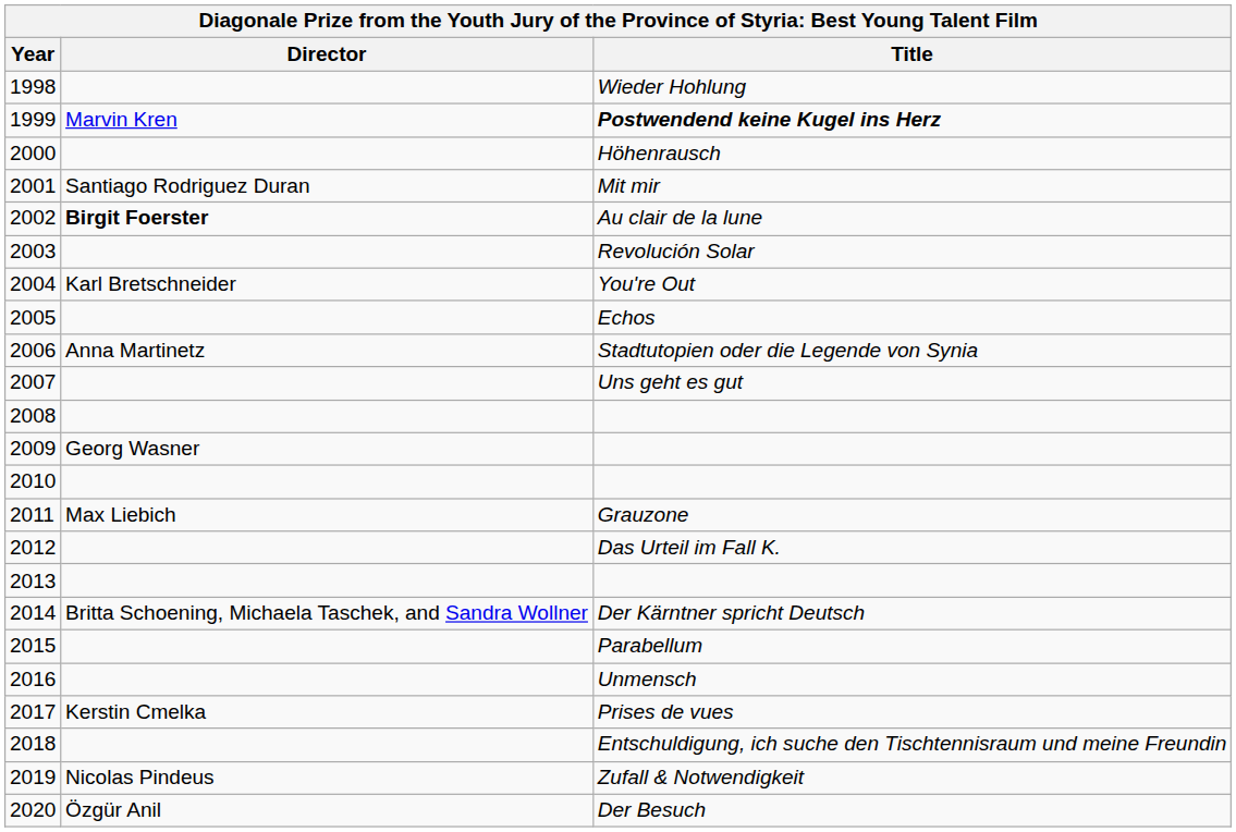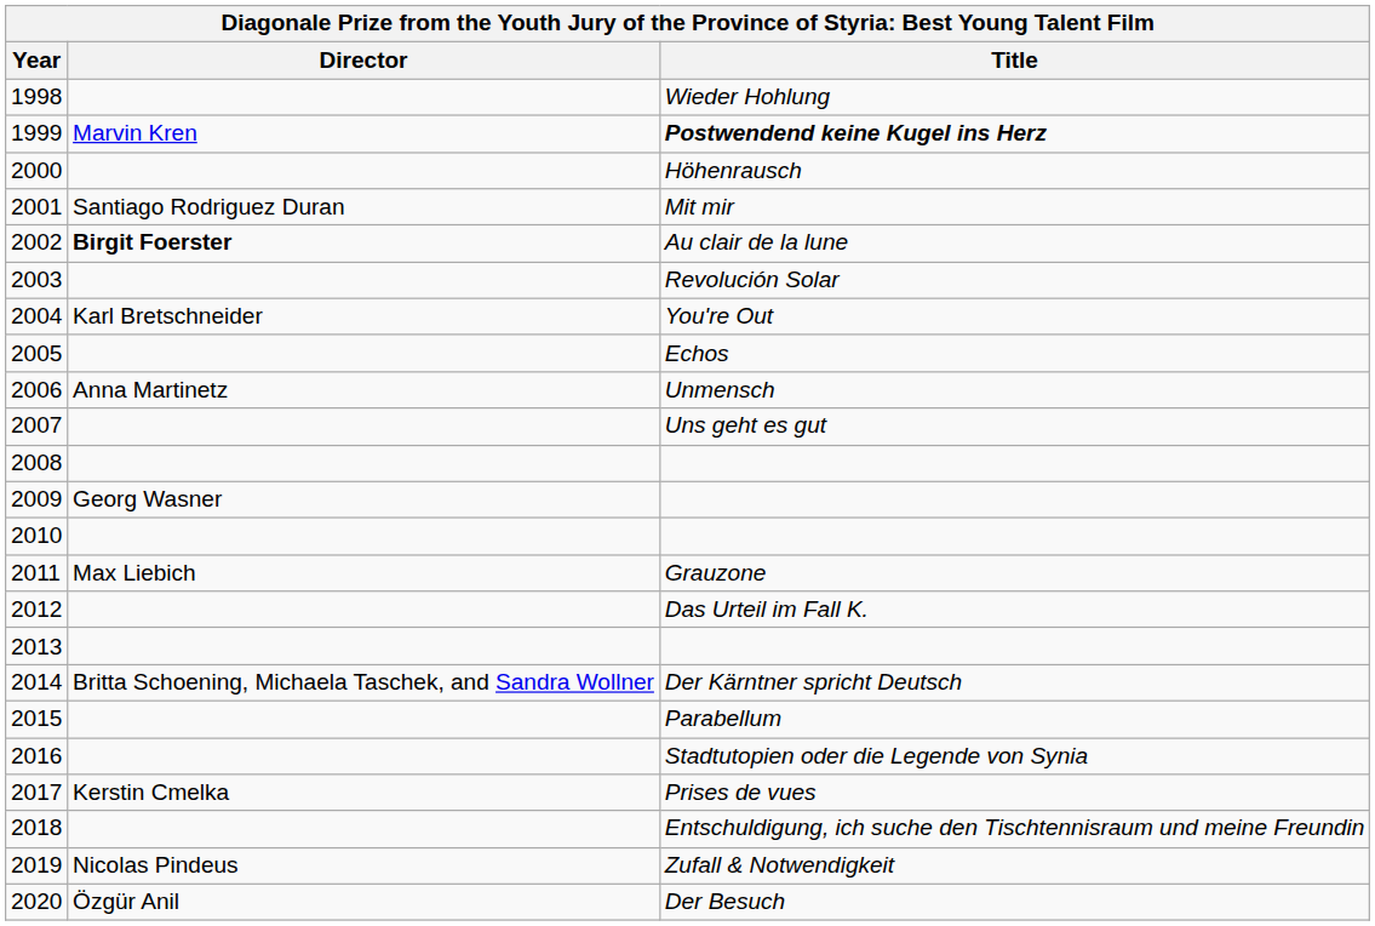 <table class="wikitable">
 <tr>
 <th colspan="3">Diagonale Prize from the Youth Jury of the Province of Styria: Best Young Talent Film</th>
 </tr>
 <tr class="hintergrundfarbe6" align="center">
 <th>Year</th>
 <th>Director</th>
 <th>Title</th>
 </tr>
 <tr>
 <td>1998</td>
 <td></td>
 <td><em>Wieder Hohlung</em></td>
 </tr>
 <tr>
 <td>1999</td>
 <td><a href='#'>Marvin Kren</a></td>
 <td><strong><em>Postwendend keine Kugel ins Herz</em></strong></td>
 </tr>
 <tr>
 <td>2000</td>
 <td></td>
 <td><em>Höhenrausch</em></td>
 </tr>
 <tr>
 <td>2001</td>
 <td>Santiago Rodriguez Duran</td>
 <td><em>Mit mir</em></td>
 </tr>
 <tr>
 <td>2002</td>
 <td><strong>Birgit Foerster</strong></td>
 <td><em>Au clair de la lune</em></td>
 </tr>
 <tr>
 <td>2003</td>
 <td></td>
 <td><em>Revolución Solar</em></td>
 </tr>
 <tr>
 <td>2004</td>
 <td>Karl Bretschneider</td>
 <td><em>You're Out</em></td>
 </tr>
 <tr>
 <td>2005</td>
 <td></td>
 <td><em>Echos</em></td>
 </tr>
 <tr>
 <td>2006</td>
 <td>Anna Martinetz</td>
-<td><em>Stadtutopien oder die Legende von Synia</em></td>
+<td><em>Unmensch</em></td>
 </tr>
 <tr>
 <td>2007</td>
 <td></td>
 <td><em>Uns geht es gut</em></td>
 </tr>
 <tr>
 <td>2008</td>
 <td></td>
 <td></td>
 </tr>
 <tr>
 <td>2009</td>
 <td>Georg Wasner</td>
 <td></td>
 </tr>
 <tr>
 <td>2010</td>
 <td></td>
 <td></td>
 </tr>
 <tr>
 <td>2011</td>
 <td>Max Liebich</td>
 <td><em>Grauzone</em></td>
 </tr>
 <tr>
 <td>2012</td>
 <td></td>
 <td><em>Das Urteil im Fall K.</em></td>
 </tr>
 <tr>
 <td>2013</td>
 <td></td>
 <td></td>
 </tr>
 <tr>
 <td>2014</td>
 <td>Britta Schoening, Michaela Taschek, and <a href='#'>Sandra Wollner</a></td>
 <td><em>Der Kärntner spricht Deutsch</em></td>
 </tr>
 <tr>
 <td>2015</td>
 <td></td>
 <td><em>Parabellum</em></td>
 </tr>
 <tr>
 <td>2016</td>
 <td></td>
-<td><em>Unmensch</em></td>
+<td><em>Stadtutopien oder die Legende von Synia</em></td>
 </tr>
 <tr>
 <td>2017</td>
 <td>Kerstin Cmelka</td>
 <td><em>Prises de vues</em></td>
 </tr>
 <tr>
 <td>2018</td>
 <td></td>
 <td><em>Entschuldigung, ich suche den Tischtennisraum und meine Freundin</em></td>
 </tr>
 <tr>
 <td>2019</td>
 <td>Nicolas Pindeus</td>
 <td><em>Zufall & Notwendigkeit</em></td>
 </tr>
 <tr>
 <td>2020</td>
 <td>Özgür Anil</td>
 <td><em>Der Besuch</em></td>
 </tr>
 </table>
